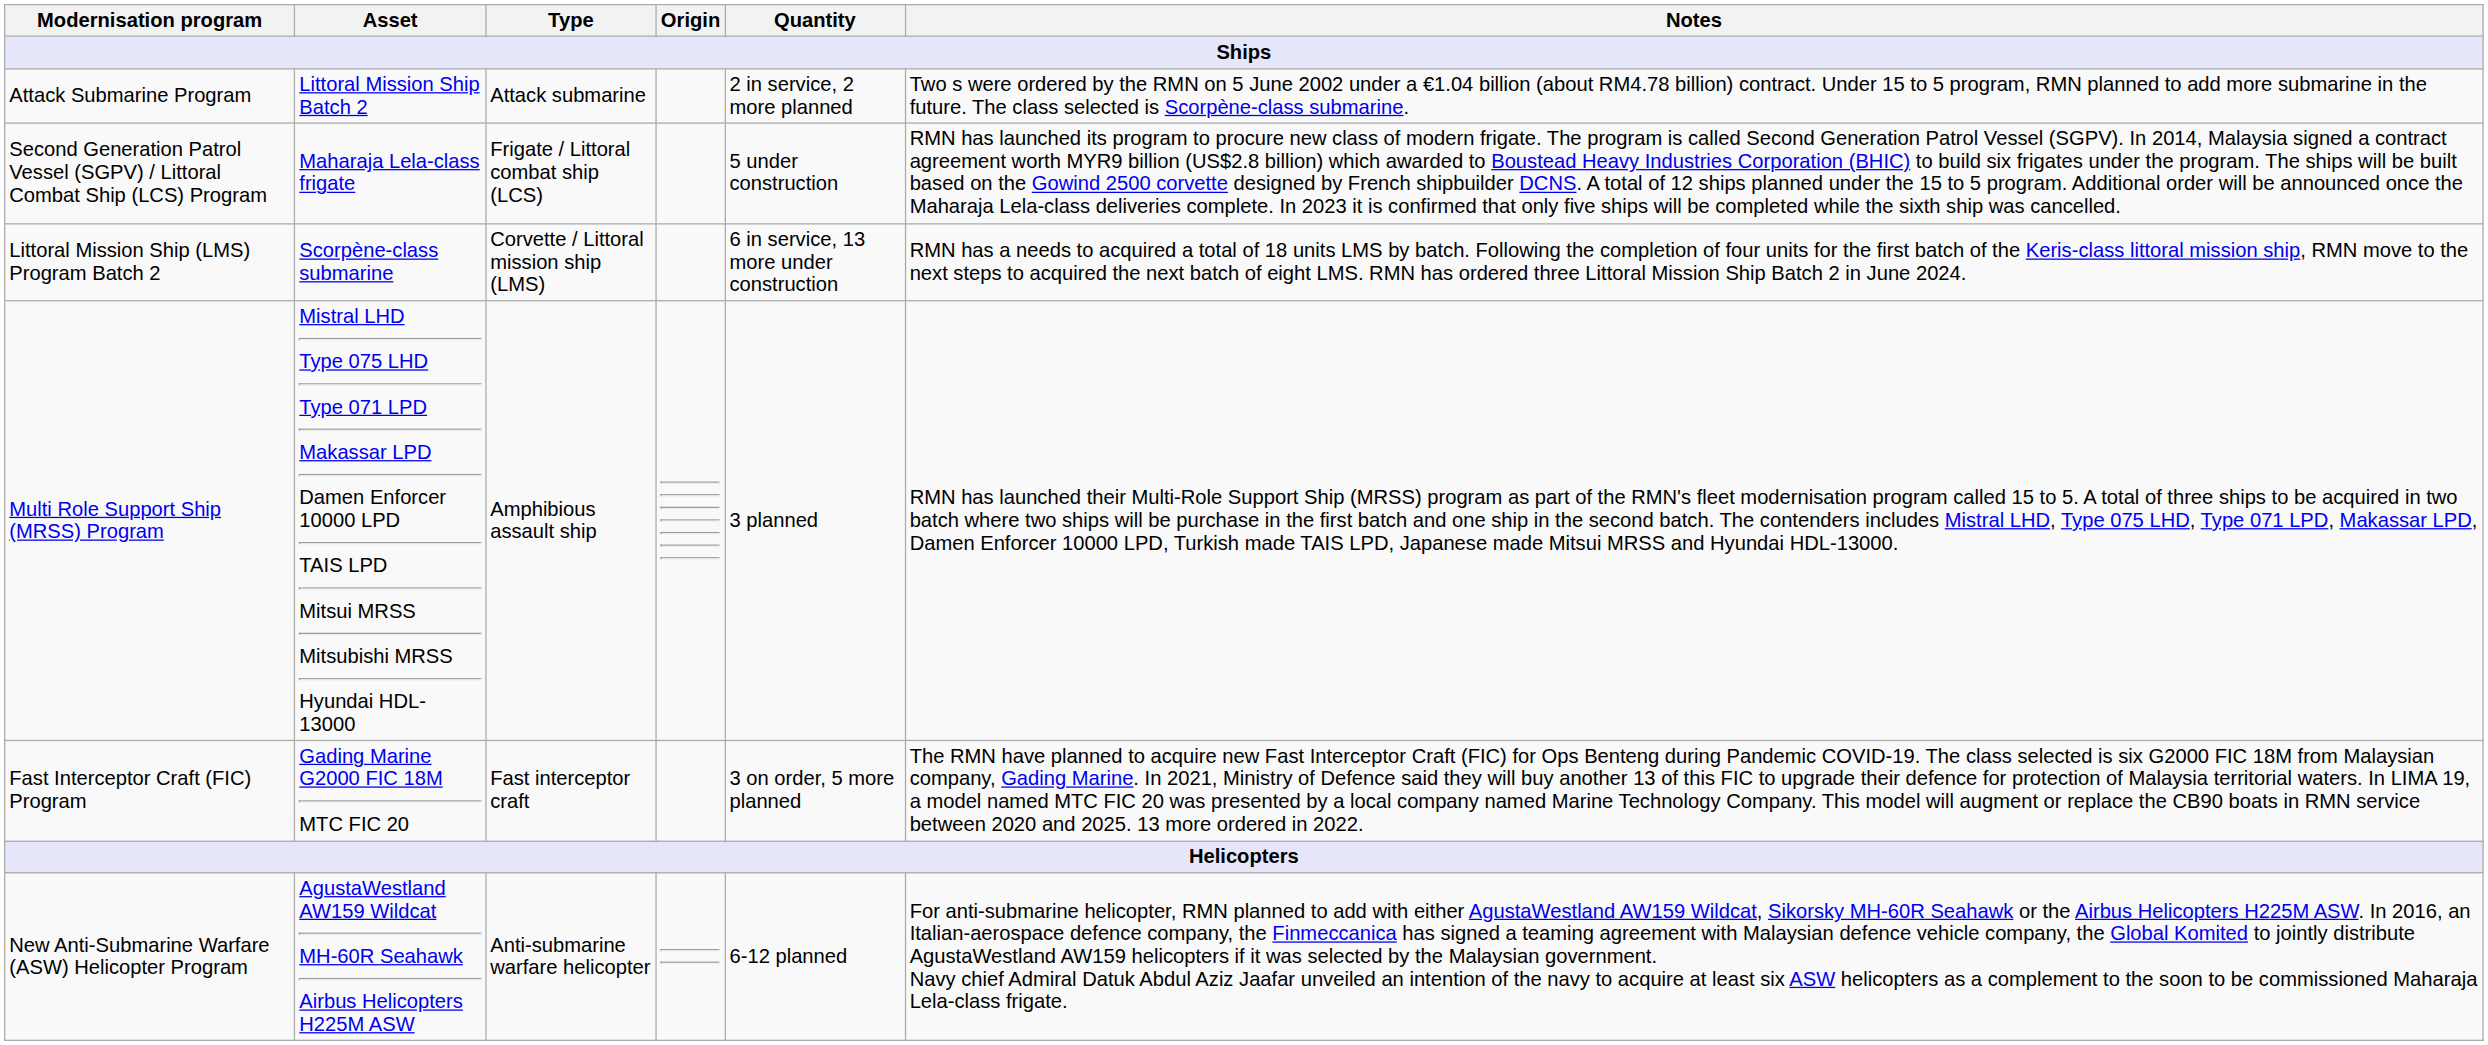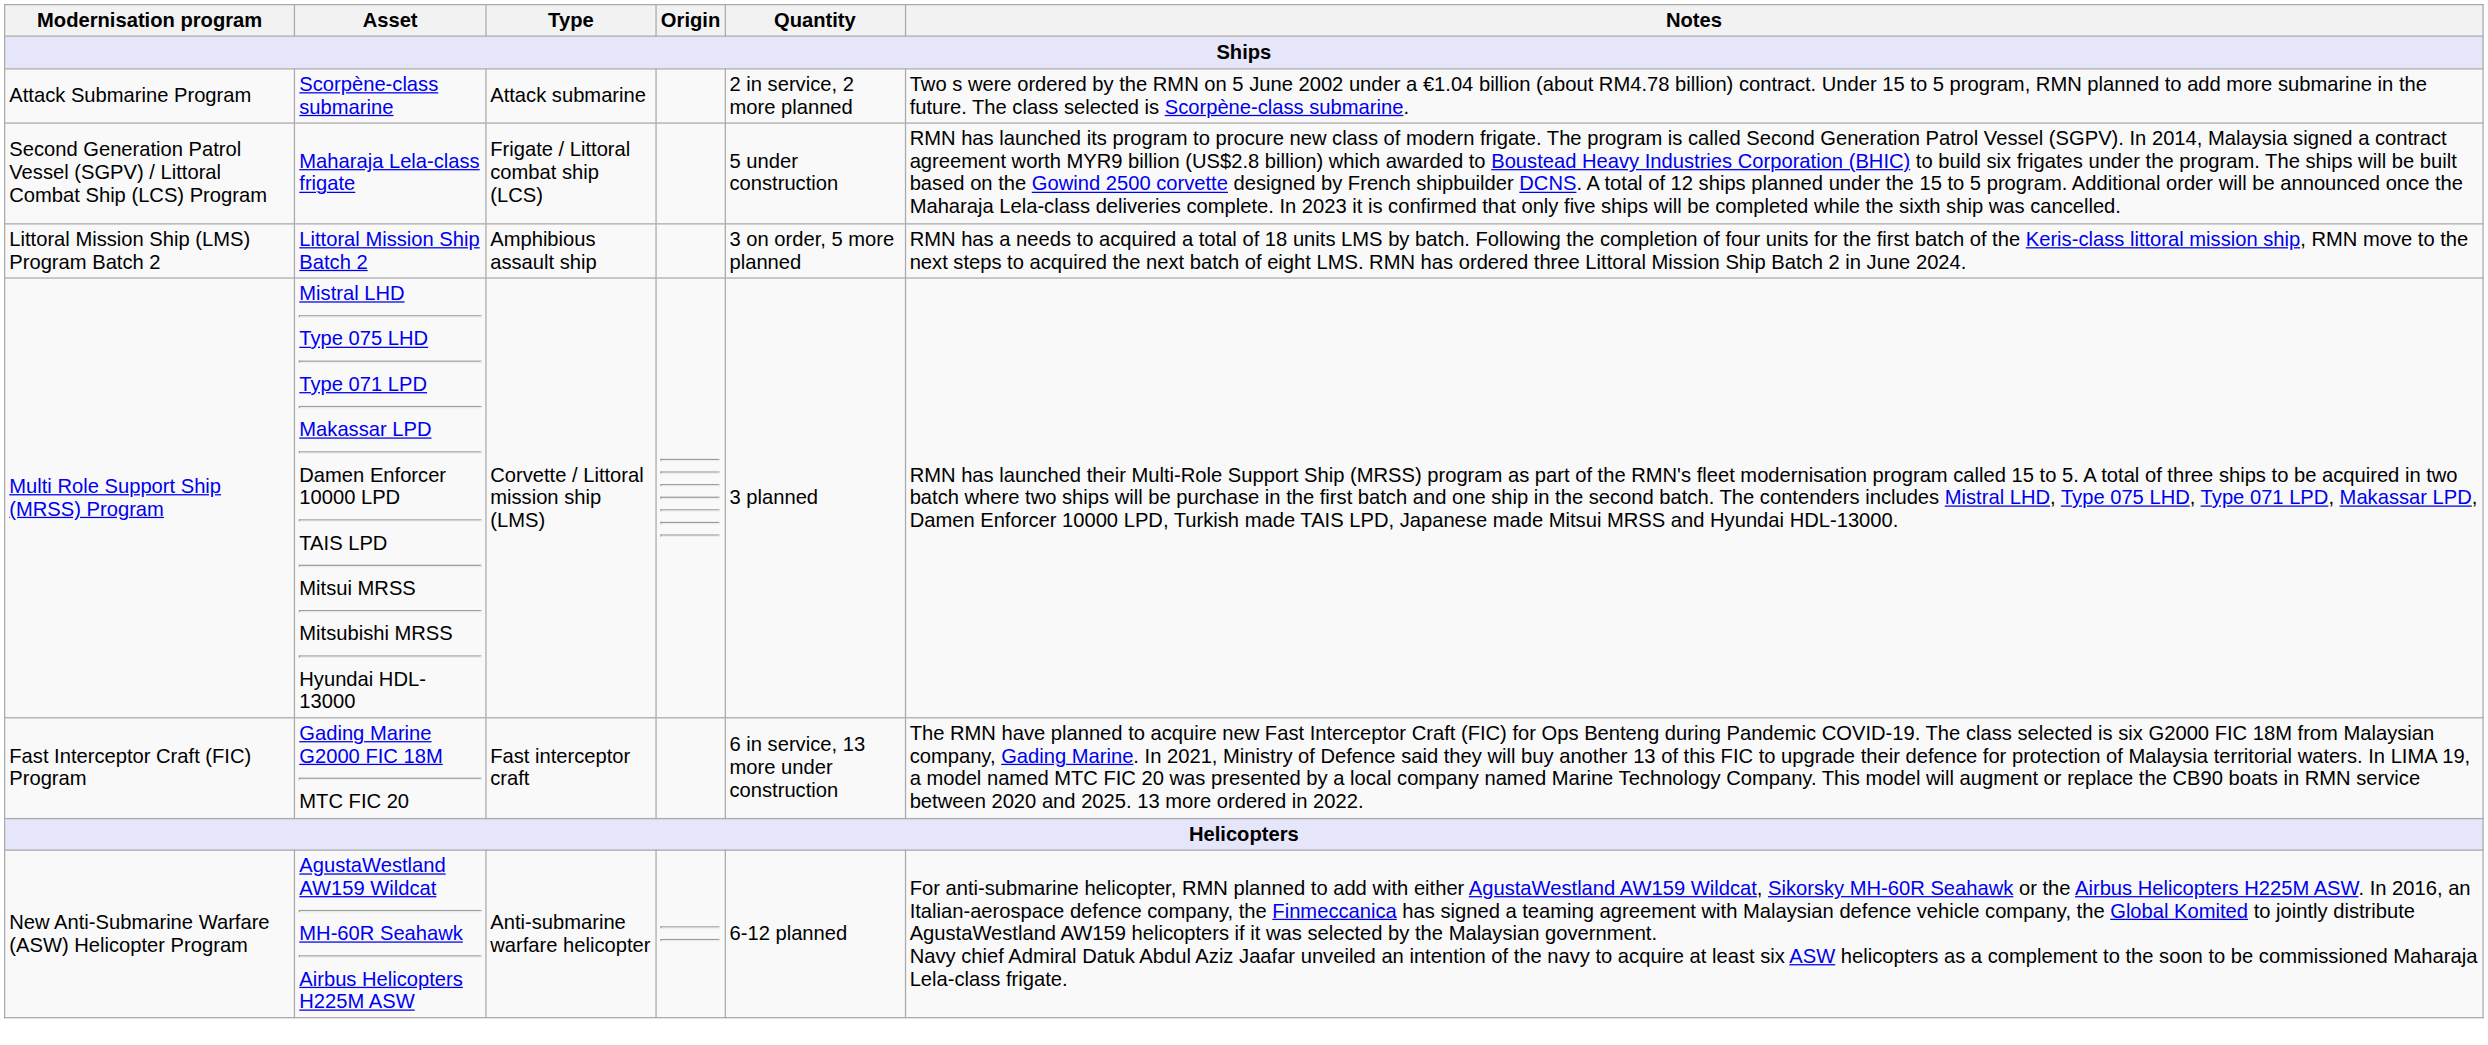 <table class="wikitable">
 <tr>
 <th>Modernisation program</th>
 <th>Asset</th>
 <th>Type</th>
 <th>Origin</th>
 <th>Quantity</th>
 <th>Notes</th>
 </tr>
 <tr>
 <th colspan="6" style="background: lavender;">Ships</th>
 </tr>
 <tr>
 <td>Attack Submarine Program</td>
-<td><a href='#'>Littoral Mission Ship Batch 2</a></td>
+<td><a href='#'>Scorpène-class submarine</a></td>
 <td>Attack submarine</td>
 <td></td>
 <td>2 in service, 2 more planned</td>
 <td>Two s were ordered by the RMN on 5 June 2002 under a €1.04 billion (about RM4.78 billion) contract. Under 15 to 5 program, RMN planned to add more submarine in the future. The class selected is <a href='#'>Scorpène-class submarine</a>.</td>
 </tr>
 <tr>
 <td>Second Generation Patrol Vessel (SGPV) / Littoral Combat Ship (LCS) Program</td>
 <td><a href='#'>Maharaja Lela-class frigate</a></td>
 <td>Frigate / Littoral combat ship (LCS)</td>
 <td> <br> </td>
 <td>5 under construction</td>
 <td>RMN has launched its program to procure new class of modern frigate. The program is called Second Generation Patrol Vessel (SGPV). In 2014, Malaysia signed a contract agreement worth MYR9 billion (US$2.8 billion) which awarded to <a href='#'>Boustead Heavy Industries Corporation (BHIC)</a> to build six frigates under the program. The ships will be built based on the <a href='#'>Gowind 2500 corvette</a> designed by French shipbuilder <a href='#'>DCNS</a>. A total of 12 ships planned under the 15 to 5 program. Additional order will be announced once the Maharaja Lela-class deliveries complete. In 2023 it is confirmed that only five ships will be completed while the sixth ship was cancelled.</td>
 </tr>
 <tr>
 <td>Littoral Mission Ship (LMS) Program Batch 2</td>
-<td><a href='#'>Scorpène-class submarine</a></td>
-<td>Corvette / Littoral mission ship (LMS)</td>
+<td><a href='#'>Littoral Mission Ship Batch 2</a></td>
+<td>Amphibious assault ship</td>
 <td></td>
-<td>6 in service, 13 more under construction</td>
+<td>3 on order, 5 more planned</td>
 <td>RMN has a needs to acquired a total of 18 units LMS by batch. Following the completion of four units for the first batch of the <a href='#'>Keris-class littoral mission ship</a>, RMN move to the next steps to acquired the next batch of eight LMS. RMN has ordered three Littoral Mission Ship Batch 2 in June 2024.</td>
 </tr>
 <tr>
 <td><a href='#'>Multi Role Support Ship (MRSS) Program</a></td>
 <td><a href='#'>Mistral LHD</a><hr><a href='#'>Type 075 LHD</a><hr><a href='#'>Type 071 LPD</a><hr><a href='#'>Makassar LPD</a><hr>Damen Enforcer 10000 LPD<hr>TAIS LPD<hr>Mitsui MRSS<hr>Mitsubishi MRSS<hr>Hyundai HDL-13000</td>
-<td>Amphibious assault ship</td>
+<td>Corvette / Littoral mission ship (LMS)</td>
 <td><hr><hr><hr><hr><hr><hr><hr></td>
 <td>3 planned</td>
 <td>RMN has launched their Multi-Role Support Ship (MRSS) program as part of the RMN's fleet modernisation program called 15 to 5. A total of three ships to be acquired in two batch where two ships will be purchase in the first batch and one ship in the second batch. The contenders includes <a href='#'>Mistral LHD</a>, <a href='#'>Type 075 LHD</a>, <a href='#'>Type 071 LPD</a>, <a href='#'>Makassar LPD</a>, Damen Enforcer 10000 LPD, Turkish made TAIS LPD, Japanese made Mitsui MRSS and Hyundai HDL-13000.</td>
 </tr>
 <tr>
 <td>Fast Interceptor Craft (FIC) Program</td>
 <td><a href='#'>Gading Marine G2000 FIC 18M</a> <hr> MTC FIC 20</td>
 <td>Fast interceptor craft</td>
 <td></td>
-<td>3 on order, 5 more planned</td>
+<td>6 in service, 13 more under construction</td>
 <td>The RMN have planned to acquire new Fast Interceptor Craft (FIC) for Ops Benteng during Pandemic COVID-19. The class selected is six G2000 FIC 18M from Malaysian company, <a href='#'>Gading Marine</a>. In 2021, Ministry of Defence said they will buy another 13 of this FIC to upgrade their defence for protection of Malaysia territorial waters. In LIMA 19, a model named MTC FIC 20 was presented by a local company named Marine Technology Company. This model will augment or replace the CB90 boats in RMN service between 2020 and 2025. 13 more ordered in 2022.</td>
 </tr>
 <tr>
 <th colspan="7" style="background: lavender;">Helicopters</th>
 </tr>
 <tr>
 <td>New Anti-Submarine Warfare (ASW) Helicopter Program</td>
 <td><a href='#'>AgustaWestland AW159 Wildcat</a><hr><a href='#'>MH-60R Seahawk</a><hr><a href='#'>Airbus Helicopters H225M ASW</a></td>
 <td>Anti-submarine warfare helicopter</td>
 <td><hr><hr></td>
 <td>6-12 planned</td>
 <td>For anti-submarine helicopter, RMN planned to add with either <a href='#'>AgustaWestland AW159 Wildcat</a>, <a href='#'>Sikorsky MH-60R Seahawk</a> or the <a href='#'>Airbus Helicopters H225M ASW</a>. In 2016, an Italian-aerospace defence company, the <a href='#'>Finmeccanica</a> has signed a teaming agreement with Malaysian defence vehicle company, the <a href='#'>Global Komited</a> to jointly distribute AgustaWestland AW159 helicopters if it was selected by the Malaysian government.<br>Navy chief Admiral Datuk Abdul Aziz Jaafar unveiled an intention of the navy to acquire at least six <a href='#'>ASW</a> helicopters as a complement to the soon to be commissioned Maharaja Lela-class frigate.</td>
 </tr>
 </table>
